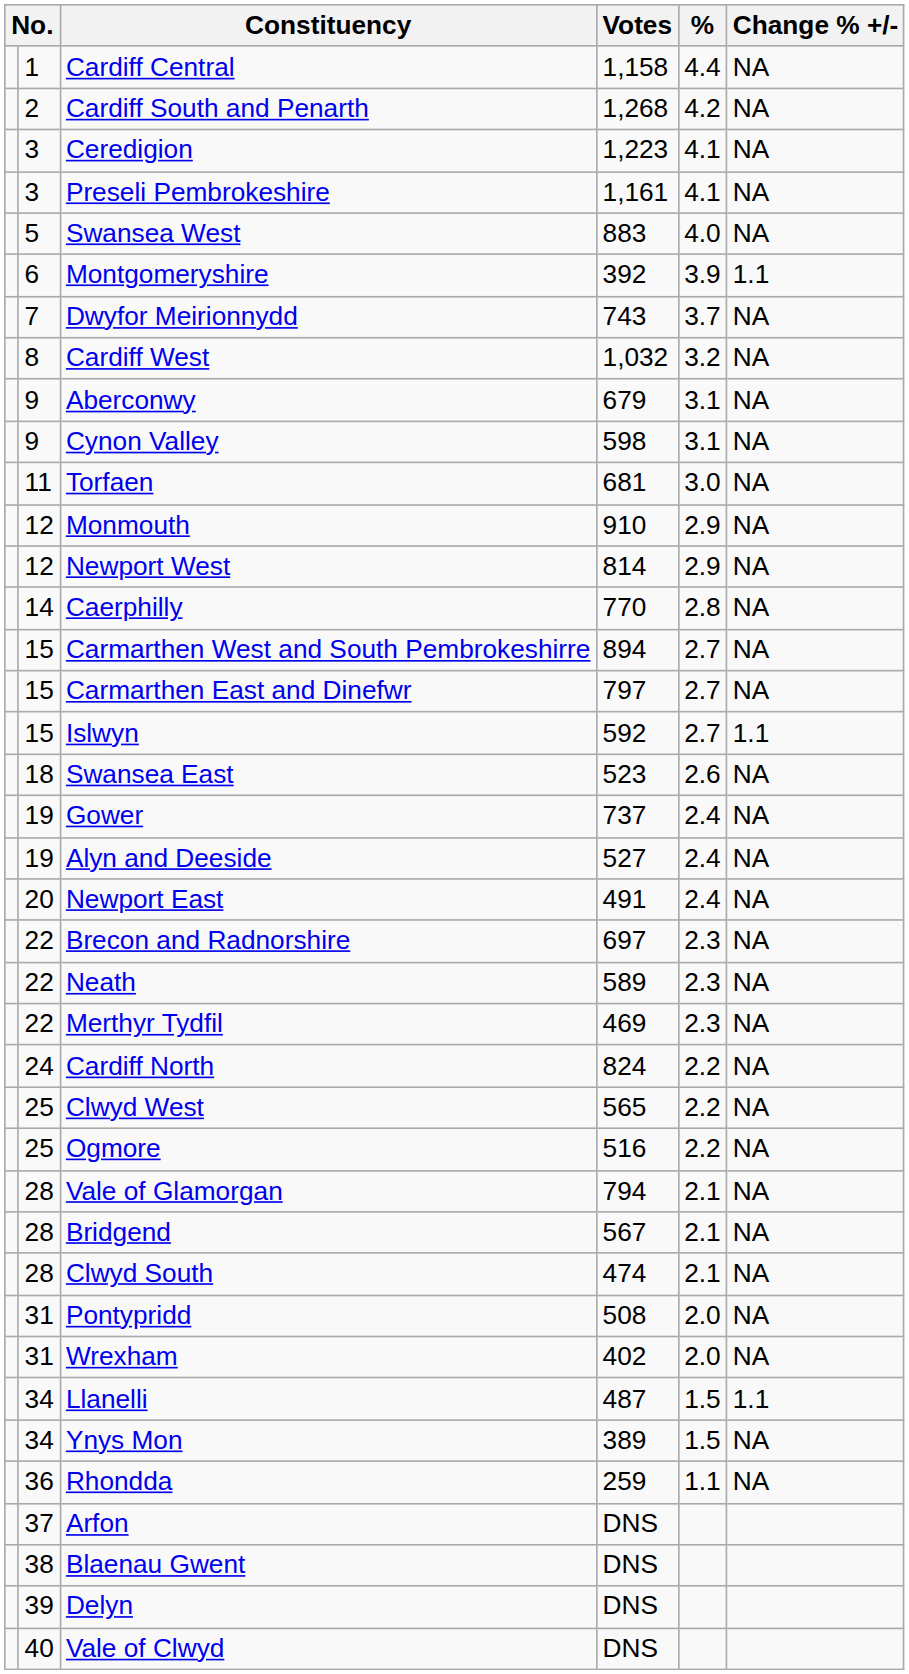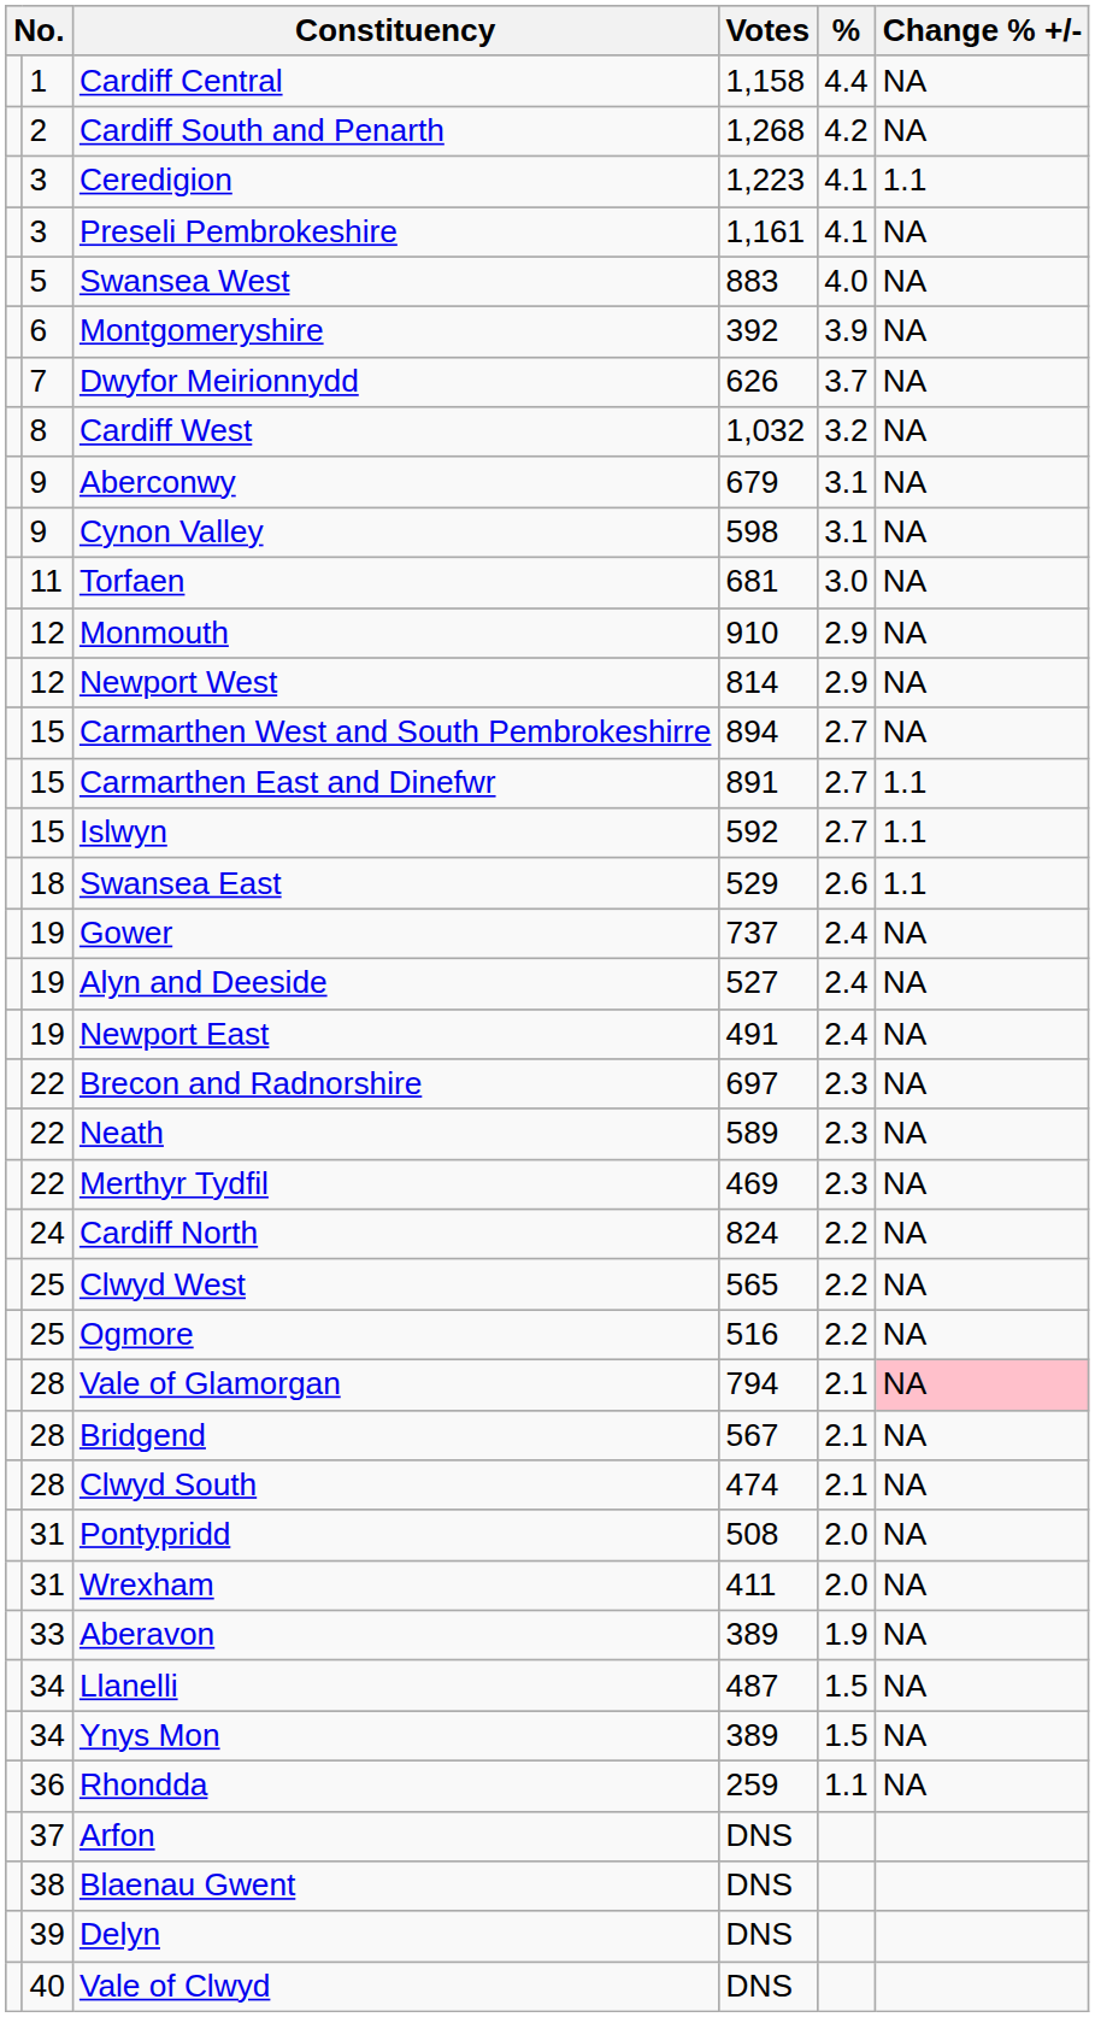 <table class="wikitable sortable collapsible collapsed">
 <tr>
 <th colspan="2">No.</th>
 <th>Constituency</th>
 <th>Votes</th>
 <th>%</th>
 <th>Change % +/-</th>
 </tr>
 <tr>
 <td style="color:inherit;background:"></td>
 <td>1</td>
 <td><a href='#'>Cardiff Central</a></td>
 <td>1,158</td>
 <td>4.4</td>
 <td>NA</td>
 </tr>
 <tr>
 <td style="color:inherit;background:"></td>
 <td>2</td>
 <td><a href='#'>Cardiff South and Penarth</a></td>
 <td>1,268</td>
 <td>4.2</td>
 <td>NA</td>
 </tr>
 <tr>
 <td style="color:inherit;background:"></td>
 <td>3</td>
 <td><a href='#'>Ceredigion</a></td>
 <td>1,223</td>
 <td>4.1</td>
-<td>NA</td>
+<td> 1.1</td>
 </tr>
 <tr>
 <td style="color:inherit;background:"></td>
 <td>3</td>
 <td><a href='#'>Preseli Pembrokeshire</a></td>
 <td>1,161</td>
 <td>4.1</td>
 <td>NA</td>
 </tr>
 <tr>
 <td style="color:inherit;background:"></td>
 <td>5</td>
 <td><a href='#'>Swansea West</a></td>
 <td>883</td>
 <td>4.0</td>
 <td>NA</td>
 </tr>
 <tr>
 <td style="color:inherit;background:"></td>
 <td>6</td>
 <td><a href='#'>Montgomeryshire</a></td>
 <td>392</td>
 <td>3.9</td>
-<td> 1.1</td>
+<td>NA</td>
 </tr>
 <tr>
 <td style="color:inherit;background:"></td>
 <td>7</td>
 <td><a href='#'>Dwyfor Meirionnydd</a></td>
-<td>743</td>
+<td>626</td>
 <td>3.7</td>
 <td>NA</td>
 </tr>
 <tr>
 <td style="color:inherit;background:"></td>
 <td>8</td>
 <td><a href='#'>Cardiff West</a></td>
 <td>1,032</td>
 <td>3.2</td>
 <td>NA</td>
 </tr>
 <tr>
 <td width="1" style="color:inherit;background:"></td>
 <td>9</td>
 <td><a href='#'>Aberconwy</a></td>
 <td>679</td>
 <td>3.1</td>
 <td>NA</td>
 </tr>
 <tr>
 <td style="color:inherit;background:"></td>
 <td>9</td>
 <td><a href='#'>Cynon Valley</a></td>
 <td>598</td>
 <td>3.1</td>
 <td>NA</td>
 </tr>
 <tr>
 <td style="color:inherit;background:"></td>
 <td>11</td>
 <td><a href='#'>Torfaen</a></td>
 <td>681</td>
 <td>3.0</td>
 <td>NA</td>
 </tr>
 <tr>
 <td style="color:inherit;background:"></td>
 <td>12</td>
 <td><a href='#'>Monmouth</a></td>
 <td>910</td>
 <td>2.9</td>
 <td>NA</td>
 </tr>
 <tr>
 <td style="color:inherit;background:"></td>
 <td>12</td>
 <td><a href='#'>Newport West</a></td>
 <td>814</td>
 <td>2.9</td>
 <td>NA</td>
 </tr>
 <tr>
 <td style="color:inherit;background:"></td>
-<td>14</td>
-<td><a href='#'>Caerphilly</a></td>
-<td>770</td>
-<td>2.8</td>
-<td>NA</td>
-</tr>
-<tr>
-<td style="color:inherit;background:"></td>
 <td>15</td>
 <td><a href='#'>Carmarthen West and South Pembrokeshirre</a></td>
 <td>894</td>
 <td>2.7</td>
 <td>NA</td>
 </tr>
 <tr>
 <td style="color:inherit;background:"></td>
 <td>15</td>
 <td><a href='#'>Carmarthen East and Dinefwr</a></td>
-<td>797</td>
+<td>891</td>
 <td>2.7</td>
-<td>NA</td>
+<td> 1.1</td>
 </tr>
 <tr>
 <td style="color:inherit;background:"></td>
 <td>15</td>
 <td><a href='#'>Islwyn</a></td>
 <td>592</td>
 <td>2.7</td>
 <td> 1.1</td>
 </tr>
 <tr>
 <td style="color:inherit;background:"></td>
 <td>18</td>
 <td><a href='#'>Swansea East</a></td>
-<td>523</td>
+<td>529</td>
 <td>2.6</td>
-<td>NA</td>
+<td> 1.1</td>
 </tr>
 <tr>
 <td style="color:inherit;background:"></td>
 <td>19</td>
 <td><a href='#'>Gower</a></td>
 <td>737</td>
 <td>2.4</td>
 <td>NA</td>
 </tr>
 <tr>
 <td style="color:inherit;background:"></td>
 <td>19</td>
 <td><a href='#'>Alyn and Deeside</a></td>
 <td>527</td>
 <td>2.4</td>
 <td>NA</td>
 </tr>
 <tr>
 <td style="color:inherit;background:"></td>
-<td>20</td>
+<td>19</td>
 <td><a href='#'>Newport East</a></td>
 <td>491</td>
 <td>2.4</td>
 <td>NA</td>
 </tr>
 <tr>
 <td style="color:inherit;background:"></td>
 <td>22</td>
 <td><a href='#'>Brecon and Radnorshire</a></td>
 <td>697</td>
 <td>2.3</td>
 <td>NA</td>
 </tr>
 <tr>
 <td style="color:inherit;background:"></td>
 <td>22</td>
 <td><a href='#'>Neath</a></td>
 <td>589</td>
 <td>2.3</td>
 <td>NA</td>
 </tr>
 <tr>
 <td style="color:inherit;background:"></td>
 <td>22</td>
 <td><a href='#'>Merthyr Tydfil</a></td>
 <td>469</td>
 <td>2.3</td>
 <td>NA</td>
 </tr>
 <tr>
 <td style="color:inherit;background:"></td>
 <td>24</td>
 <td><a href='#'>Cardiff North</a></td>
 <td>824</td>
 <td>2.2</td>
 <td>NA</td>
 </tr>
 <tr>
 <td style="color:inherit;background:"></td>
 <td>25</td>
 <td><a href='#'>Clwyd West</a></td>
 <td>565</td>
 <td>2.2</td>
 <td>NA</td>
 </tr>
 <tr>
 <td style="color:inherit;background:"></td>
 <td>25</td>
 <td><a href='#'>Ogmore</a></td>
 <td>516</td>
 <td>2.2</td>
 <td>NA</td>
 </tr>
 <tr>
 <td style="color:inherit;background:"></td>
 <td>28</td>
 <td><a href='#'>Vale of Glamorgan</a></td>
 <td>794</td>
 <td>2.1</td>
-<td>NA</td>
+<td style="background: pink;">NA</td>
 </tr>
 <tr>
 <td style="color:inherit;background:"></td>
 <td>28</td>
 <td><a href='#'>Bridgend</a></td>
 <td>567</td>
 <td>2.1</td>
 <td>NA</td>
 </tr>
 <tr>
 <td style="color:inherit;background:"></td>
 <td>28</td>
 <td><a href='#'>Clwyd South</a></td>
 <td>474</td>
 <td>2.1</td>
 <td>NA</td>
 </tr>
 <tr>
 <td style="color:inherit;background:"></td>
 <td>31</td>
 <td><a href='#'>Pontypridd</a></td>
 <td>508</td>
 <td>2.0</td>
 <td>NA</td>
 </tr>
 <tr>
 <td style="color:inherit;background:"></td>
 <td>31</td>
 <td><a href='#'>Wrexham</a></td>
-<td>402</td>
+<td>411</td>
 <td>2.0</td>
+<td>NA</td>
+</tr>
+<tr>
+<td style="color:inherit;background:"></td>
+<td>33</td>
+<td><a href='#'>Aberavon</a></td>
+<td>389</td>
+<td>1.9</td>
 <td>NA</td>
 </tr>
 <tr>
 <td style="color:inherit;background:"></td>
 <td>34</td>
 <td><a href='#'>Llanelli</a></td>
 <td>487</td>
 <td>1.5</td>
-<td> 1.1</td>
+<td>NA</td>
 </tr>
 <tr>
 <td style="color:inherit;background:"></td>
 <td>34</td>
 <td><a href='#'>Ynys Mon</a></td>
 <td>389</td>
 <td>1.5</td>
 <td>NA</td>
 </tr>
 <tr>
 <td style="color:inherit;background:"></td>
 <td>36</td>
 <td><a href='#'>Rhondda</a></td>
 <td>259</td>
 <td>1.1</td>
 <td>NA</td>
 </tr>
 <tr>
 <td style="color:inherit;background:"></td>
 <td>37</td>
 <td><a href='#'>Arfon</a></td>
 <td>DNS</td>
 <td></td>
 <td></td>
 </tr>
 <tr>
 <td style="color:inherit;background:"></td>
 <td>38</td>
 <td><a href='#'>Blaenau Gwent</a></td>
 <td>DNS</td>
 <td></td>
 <td></td>
 </tr>
 <tr>
 <td style="color:inherit;background:"></td>
 <td>39</td>
 <td><a href='#'>Delyn</a></td>
 <td>DNS</td>
 <td></td>
 <td></td>
 </tr>
 <tr>
 <td style="color:inherit;background:"></td>
 <td>40</td>
 <td><a href='#'>Vale of Clwyd</a></td>
 <td>DNS</td>
 <td></td>
 <td></td>
 </tr>
 </table>
